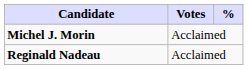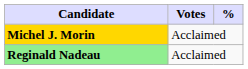 <table class="wikitable">
 <tr>
 <th style="background:#ddf; width:200px;">Candidate</th>
 <th style="background:#ddf; width:50px;">Votes</th>
 <th style="background:#ddf; width:30px;">%</th>
 </tr>
 <tr>
-<td><strong>Michel J. Morin</strong></td>
+<td style="background: gold;"><strong>Michel J. Morin</strong></td>
 <td colspan="2">Acclaimed</td>
 </tr>
 <tr>
-<td><strong>Reginald Nadeau</strong></td>
+<td style="background: lightgreen;"><strong>Reginald Nadeau</strong></td>
 <td colspan="2">Acclaimed</td>
 </tr>
 </table>
